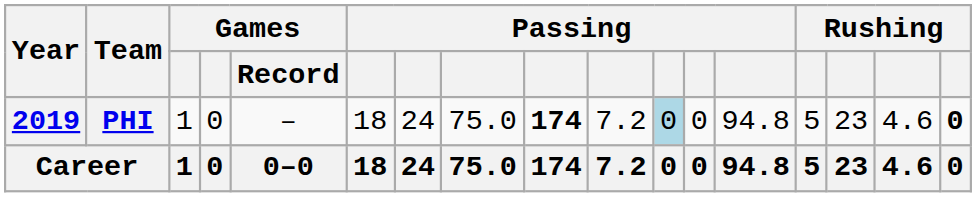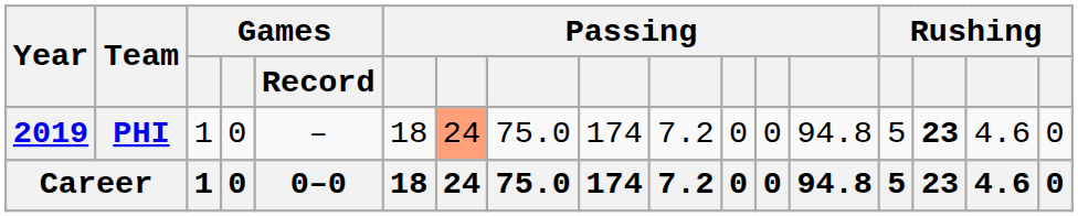 <table class="wikitable" style="text-align:center;">
 <tr>
 <th rowspan="2">Year</th>
 <th rowspan="2">Team</th>
 <th colspan="3">Games</th>
 <th colspan="8">Passing</th>
 <th colspan="4">Rushing</th>
 </tr>
 <tr>
 <th></th>
 <th></th>
 <th>Record</th>
 <th></th>
 <th></th>
 <th></th>
 <th></th>
 <th></th>
 <th></th>
 <th></th>
 <th></th>
 <th></th>
 <th></th>
 <th></th>
 <th></th>
 </tr>
 <tr>
 <th><a href='#'>2019</a></th>
 <th><a href='#'>PHI</a></th>
 <td>1</td>
 <td>0</td>
 <td>–</td>
 <td>18</td>
-<td>24</td>
+<td style="background: lightsalmon;">24</td>
 <td>75.0</td>
-<td><strong>174</strong></td>
+<td>174</td>
 <td>7.2</td>
-<td style="background: lightblue;">0</td>
+<td>0</td>
 <td>0</td>
 <td>94.8</td>
 <td>5</td>
-<td>23</td>
+<td><strong>23</strong></td>
 <td>4.6</td>
-<td><strong>0</strong></td>
+<td>0</td>
 </tr>
 <tr>
 <th colspan="2">Career</th>
 <th>1</th>
 <th>0</th>
 <th>0–0</th>
 <th>18</th>
 <th>24</th>
 <th>75.0</th>
 <th>174</th>
 <th>7.2</th>
 <th>0</th>
 <th>0</th>
 <th>94.8</th>
 <th>5</th>
 <th>23</th>
 <th>4.6</th>
 <th>0</th>
 </tr>
 </table>
